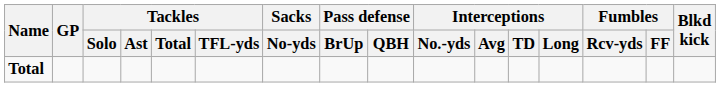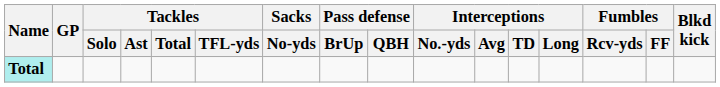 <table class="wikitable" style="white-space:nowrap;">
 <tr>
 <th rowspan="2">Name</th>
 <th rowspan="2">GP</th>
 <th colspan="4">Tackles</th>
 <th>Sacks</th>
 <th colspan="2">Pass defense</th>
 <th colspan="4">Interceptions</th>
 <th colspan="2">Fumbles</th>
 <th rowspan="2">Blkd<br>kick</th>
 </tr>
 <tr>
 <th>Solo</th>
 <th>Ast</th>
 <th>Total</th>
 <th>TFL-yds</th>
 <th>No-yds</th>
 <th>BrUp</th>
 <th>QBH</th>
 <th>No.-yds</th>
 <th>Avg</th>
 <th>TD</th>
 <th>Long</th>
 <th>Rcv-yds</th>
 <th>FF</th>
 </tr>
 <tr>
-<td><strong>Total</strong></td>
+<td style="background: paleturquoise;"><strong>Total</strong></td>
 <td></td>
 <td></td>
 <td></td>
 <td></td>
 <td></td>
 <td></td>
 <td></td>
 <td></td>
 <td></td>
 <td></td>
 <td></td>
 <td></td>
 <td></td>
 <td></td>
 <td></td>
 </tr>
 </table>
